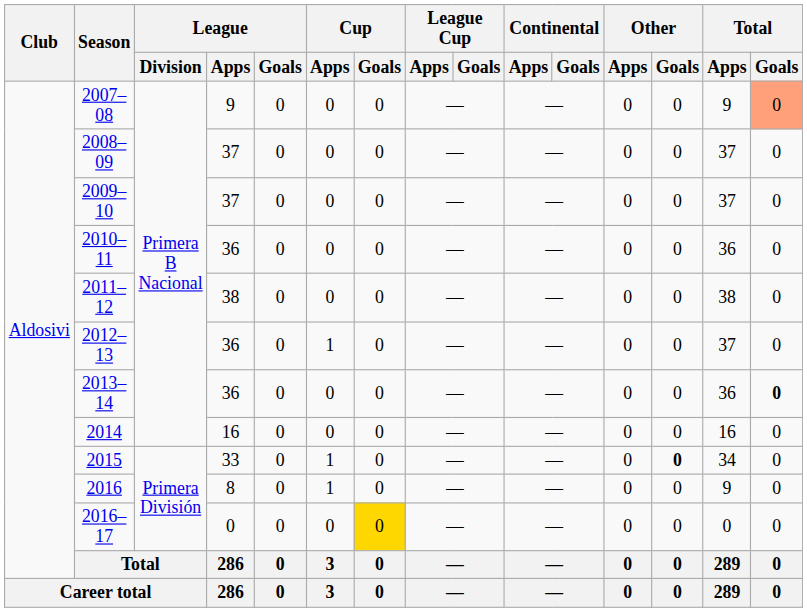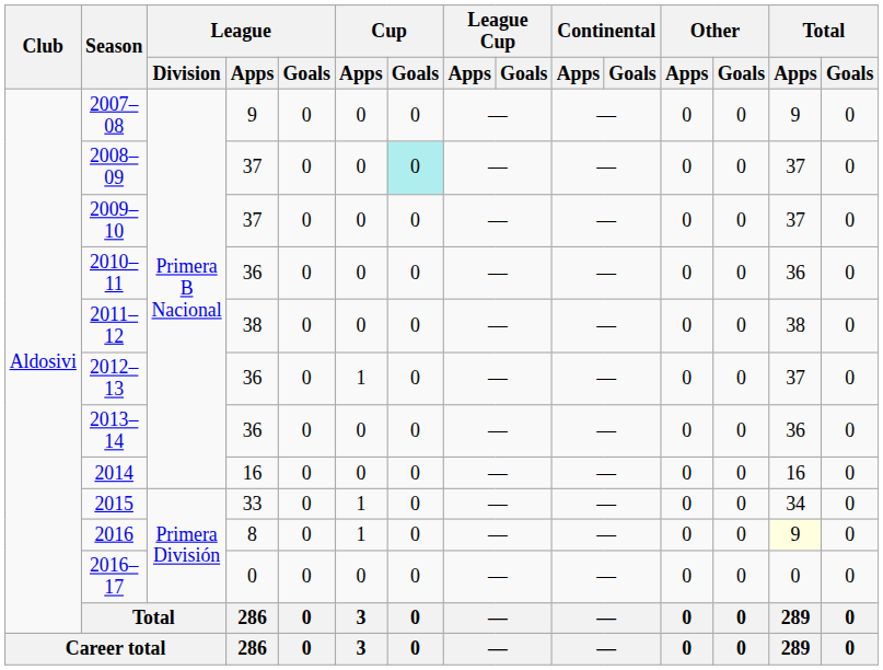 <table class="wikitable" style="text-align:center">
 <tr>
 <th rowspan="2">Club</th>
 <th rowspan="2">Season</th>
 <th colspan="3">League</th>
 <th colspan="2">Cup</th>
 <th colspan="2">League Cup</th>
 <th colspan="2">Continental</th>
 <th colspan="2">Other</th>
 <th colspan="2">Total</th>
 </tr>
 <tr>
 <th>Division</th>
 <th>Apps</th>
 <th>Goals</th>
 <th>Apps</th>
 <th>Goals</th>
 <th>Apps</th>
 <th>Goals</th>
 <th>Apps</th>
 <th>Goals</th>
 <th>Apps</th>
 <th>Goals</th>
 <th>Apps</th>
 <th>Goals</th>
 </tr>
 <tr>
 <td rowspan="12"><a href='#'>Aldosivi</a></td>
 <td><a href='#'>2007–08</a></td>
 <td rowspan="8"><a href='#'>Primera B Nacional</a></td>
 <td>9</td>
 <td>0</td>
 <td>0</td>
 <td>0</td>
 <td colspan="2">—</td>
 <td colspan="2">—</td>
 <td>0</td>
 <td>0</td>
 <td>9</td>
-<td style="background: lightsalmon;">0</td>
+<td>0</td>
 </tr>
 <tr>
 <td><a href='#'>2008–09</a></td>
 <td>37</td>
 <td>0</td>
 <td>0</td>
-<td>0</td>
+<td style="background: paleturquoise;">0</td>
 <td colspan="2">—</td>
 <td colspan="2">—</td>
 <td>0</td>
 <td>0</td>
 <td>37</td>
 <td>0</td>
 </tr>
 <tr>
 <td><a href='#'>2009–10</a></td>
 <td>37</td>
 <td>0</td>
 <td>0</td>
 <td>0</td>
 <td colspan="2">—</td>
 <td colspan="2">—</td>
 <td>0</td>
 <td>0</td>
 <td>37</td>
 <td>0</td>
 </tr>
 <tr>
 <td><a href='#'>2010–11</a></td>
 <td>36</td>
 <td>0</td>
 <td>0</td>
 <td>0</td>
 <td colspan="2">—</td>
 <td colspan="2">—</td>
 <td>0</td>
 <td>0</td>
 <td>36</td>
 <td>0</td>
 </tr>
 <tr>
 <td><a href='#'>2011–12</a></td>
 <td>38</td>
 <td>0</td>
 <td>0</td>
 <td>0</td>
 <td colspan="2">—</td>
 <td colspan="2">—</td>
 <td>0</td>
 <td>0</td>
 <td>38</td>
 <td>0</td>
 </tr>
 <tr>
 <td><a href='#'>2012–13</a></td>
 <td>36</td>
 <td>0</td>
 <td>1</td>
 <td>0</td>
 <td colspan="2">—</td>
 <td colspan="2">—</td>
 <td>0</td>
 <td>0</td>
 <td>37</td>
 <td>0</td>
 </tr>
 <tr>
 <td><a href='#'>2013–14</a></td>
 <td>36</td>
 <td>0</td>
 <td>0</td>
 <td>0</td>
 <td colspan="2">—</td>
 <td colspan="2">—</td>
 <td>0</td>
 <td>0</td>
 <td>36</td>
-<td><strong>0</strong></td>
+<td>0</td>
 </tr>
 <tr>
 <td><a href='#'>2014</a></td>
 <td>16</td>
 <td>0</td>
 <td>0</td>
 <td>0</td>
 <td colspan="2">—</td>
 <td colspan="2">—</td>
 <td>0</td>
 <td>0</td>
 <td>16</td>
 <td>0</td>
 </tr>
 <tr>
 <td><a href='#'>2015</a></td>
 <td rowspan="3"><a href='#'>Primera División</a></td>
 <td>33</td>
 <td>0</td>
 <td>1</td>
 <td>0</td>
 <td colspan="2">—</td>
 <td colspan="2">—</td>
 <td>0</td>
-<td><strong>0</strong></td>
+<td>0</td>
 <td>34</td>
 <td>0</td>
 </tr>
 <tr>
 <td><a href='#'>2016</a></td>
 <td>8</td>
 <td>0</td>
 <td>1</td>
 <td>0</td>
 <td colspan="2">—</td>
 <td colspan="2">—</td>
 <td>0</td>
 <td>0</td>
-<td>9</td>
+<td style="background: lightyellow;">9</td>
 <td>0</td>
 </tr>
 <tr>
 <td><a href='#'>2016–17</a></td>
 <td>0</td>
 <td>0</td>
 <td>0</td>
-<td style="background: gold;">0</td>
+<td>0</td>
 <td colspan="2">—</td>
 <td colspan="2">—</td>
 <td>0</td>
 <td>0</td>
 <td>0</td>
 <td>0</td>
 </tr>
 <tr>
 <th colspan="2">Total</th>
 <th>286</th>
 <th>0</th>
 <th>3</th>
 <th>0</th>
 <th colspan="2">—</th>
 <th colspan="2">—</th>
 <th>0</th>
 <th>0</th>
 <th>289</th>
 <th>0</th>
 </tr>
 <tr>
 <th colspan="3">Career total</th>
 <th>286</th>
 <th>0</th>
 <th>3</th>
 <th>0</th>
 <th colspan="2">—</th>
 <th colspan="2">—</th>
 <th>0</th>
 <th>0</th>
 <th>289</th>
 <th>0</th>
 </tr>
 </table>
